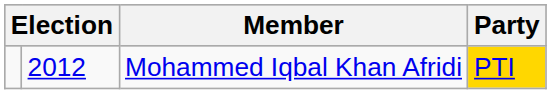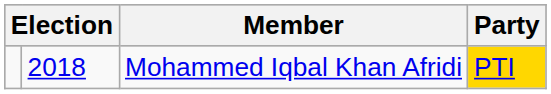 <table class="wikitable">
 <tr>
 <th colspan="2">Election</th>
 <th>Member</th>
 <th>Party</th>
 </tr>
 <tr>
 <td style="background-color: "></td>
-<td><a href='#'>2012</a></td>
+<td><a href='#'>2018</a></td>
 <td><a href='#'>Mohammed Iqbal Khan Afridi</a></td>
 <td style="background: gold;"><a href='#'>PTI</a></td>
 </tr>
 </table>
